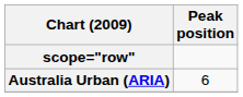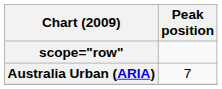 <table class="wikitable sortable plainrowheaders" style="text-align:center;">
 <tr>
 <th scope="col">Chart (2009)</th>
 <th scope="col">Peak<br>position</th>
 </tr>
 <tr>
 <th>scope="row"</th>
 </tr>
 <tr>
 <th scope="row">Australia Urban (<a href='#'>ARIA</a>)</th>
-<td>6</td>
+<td>7</td>
 </tr>
 <tr>
 </tr>
 </table>
